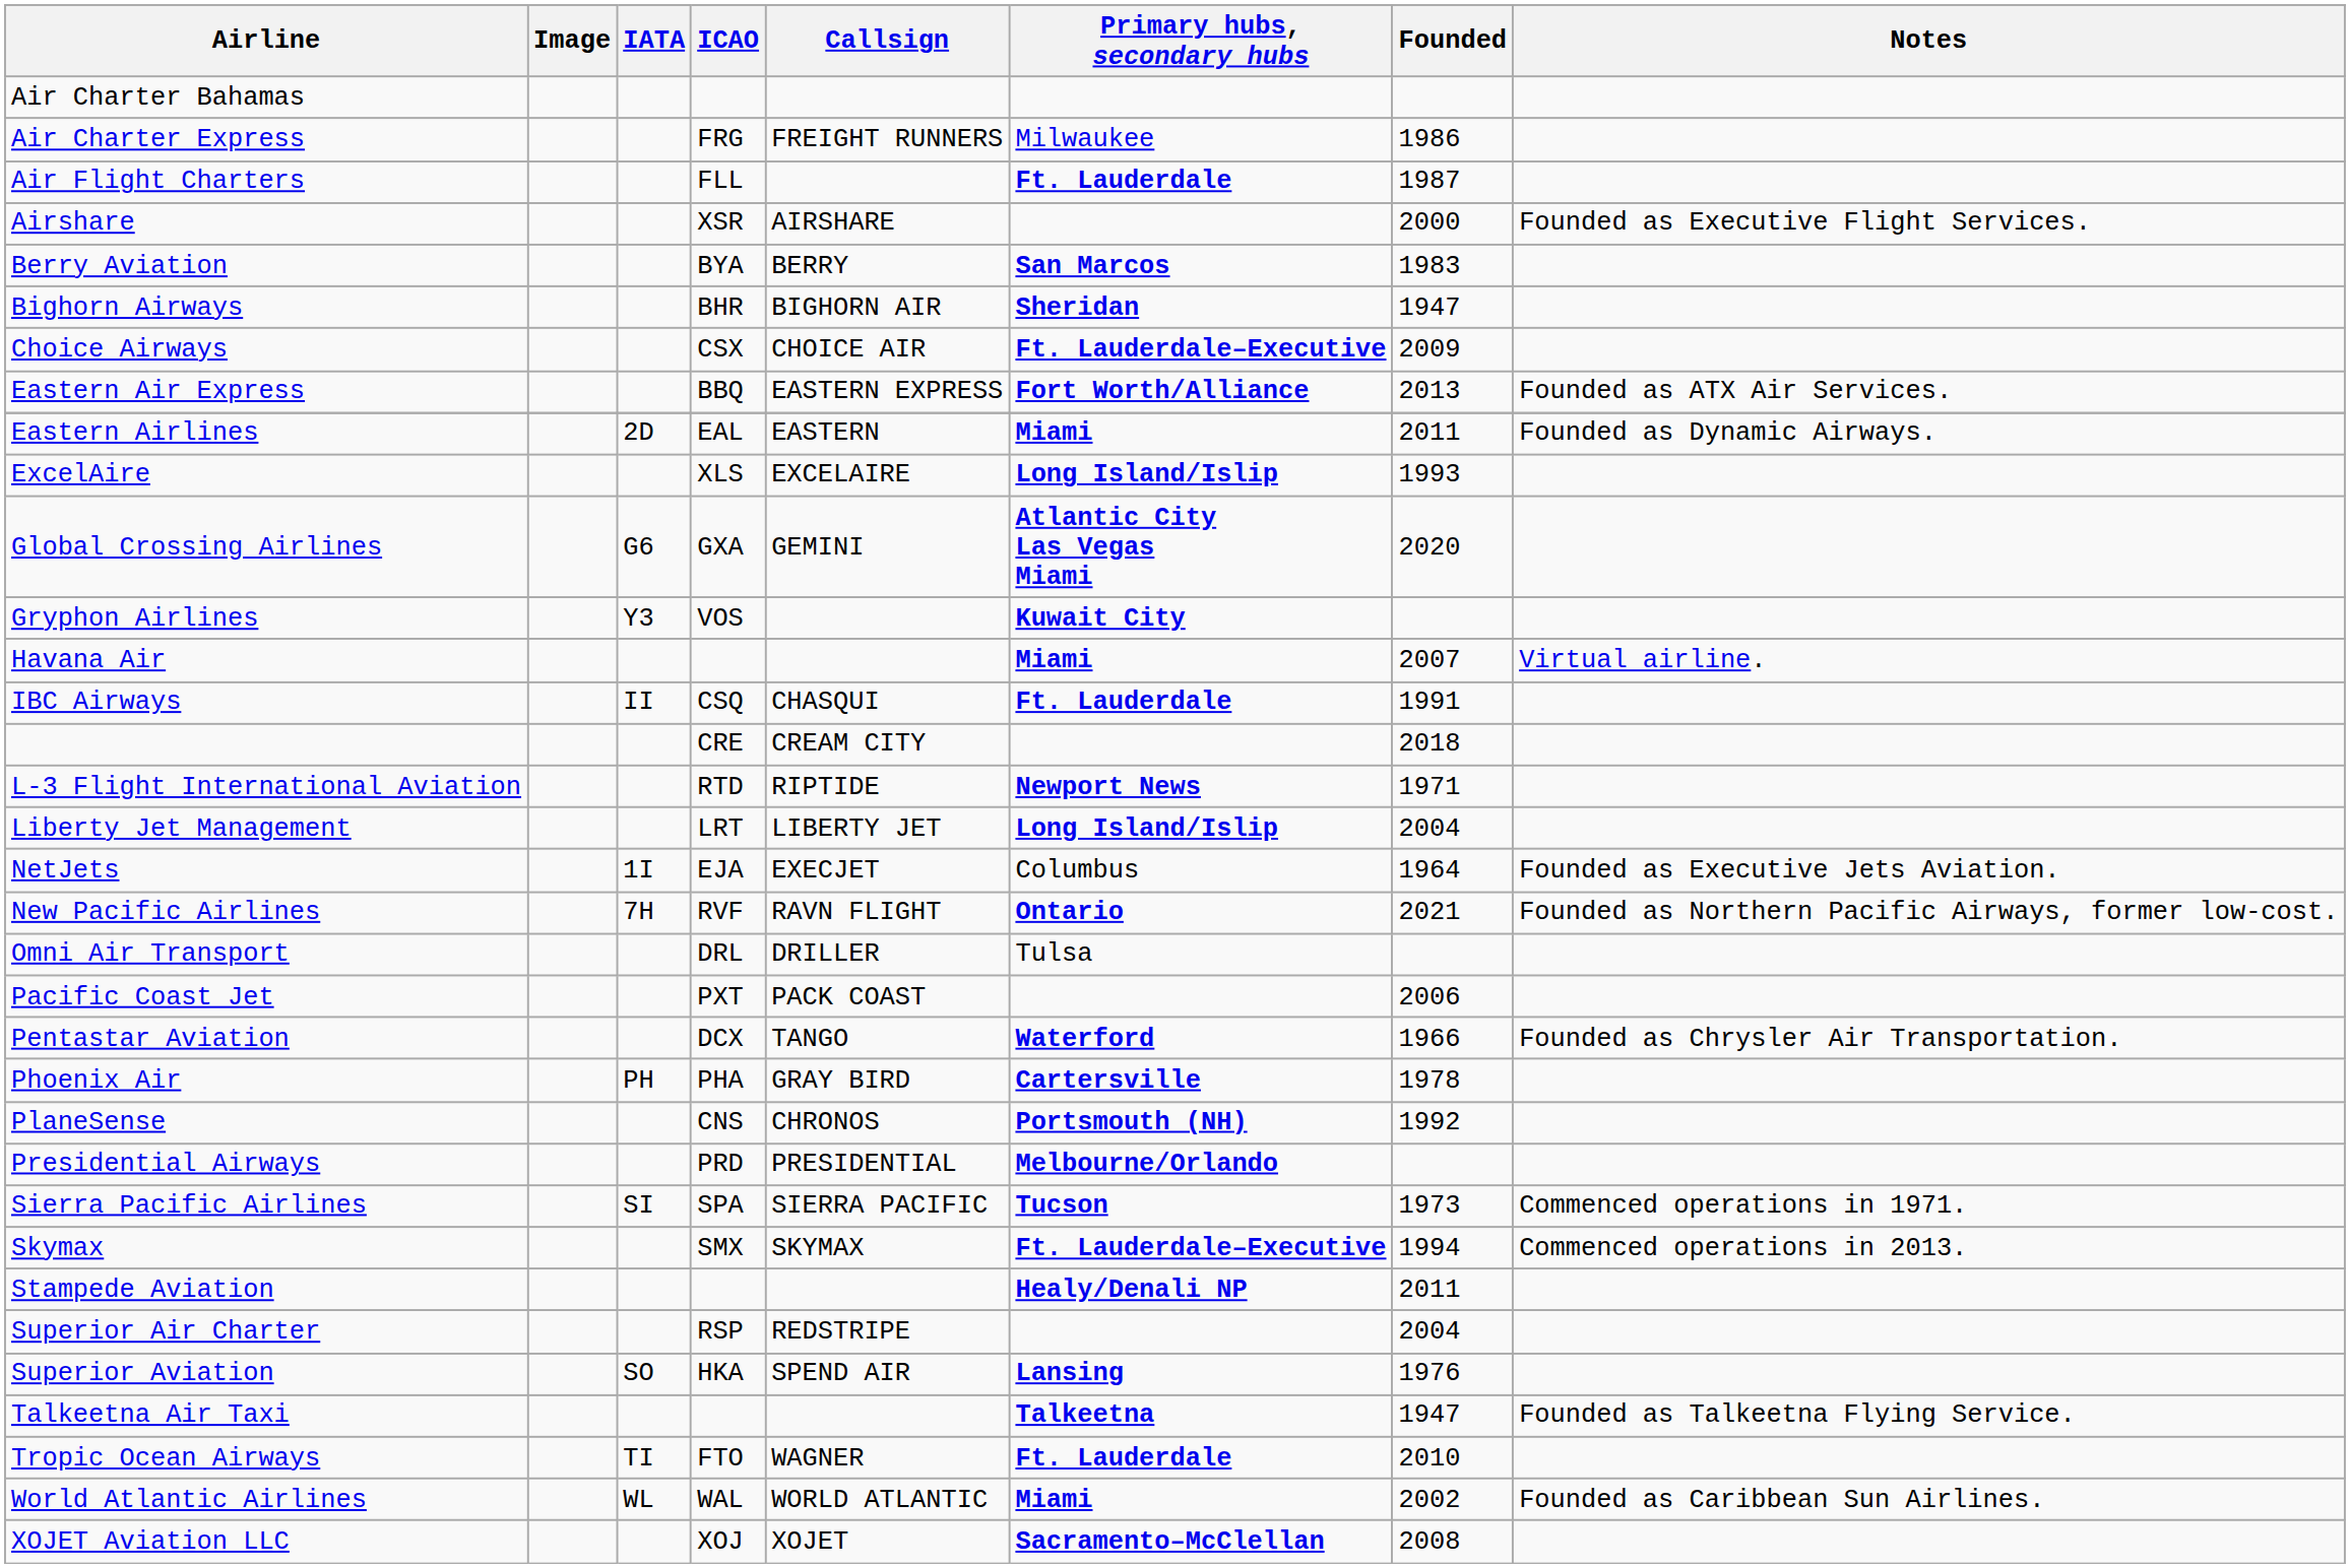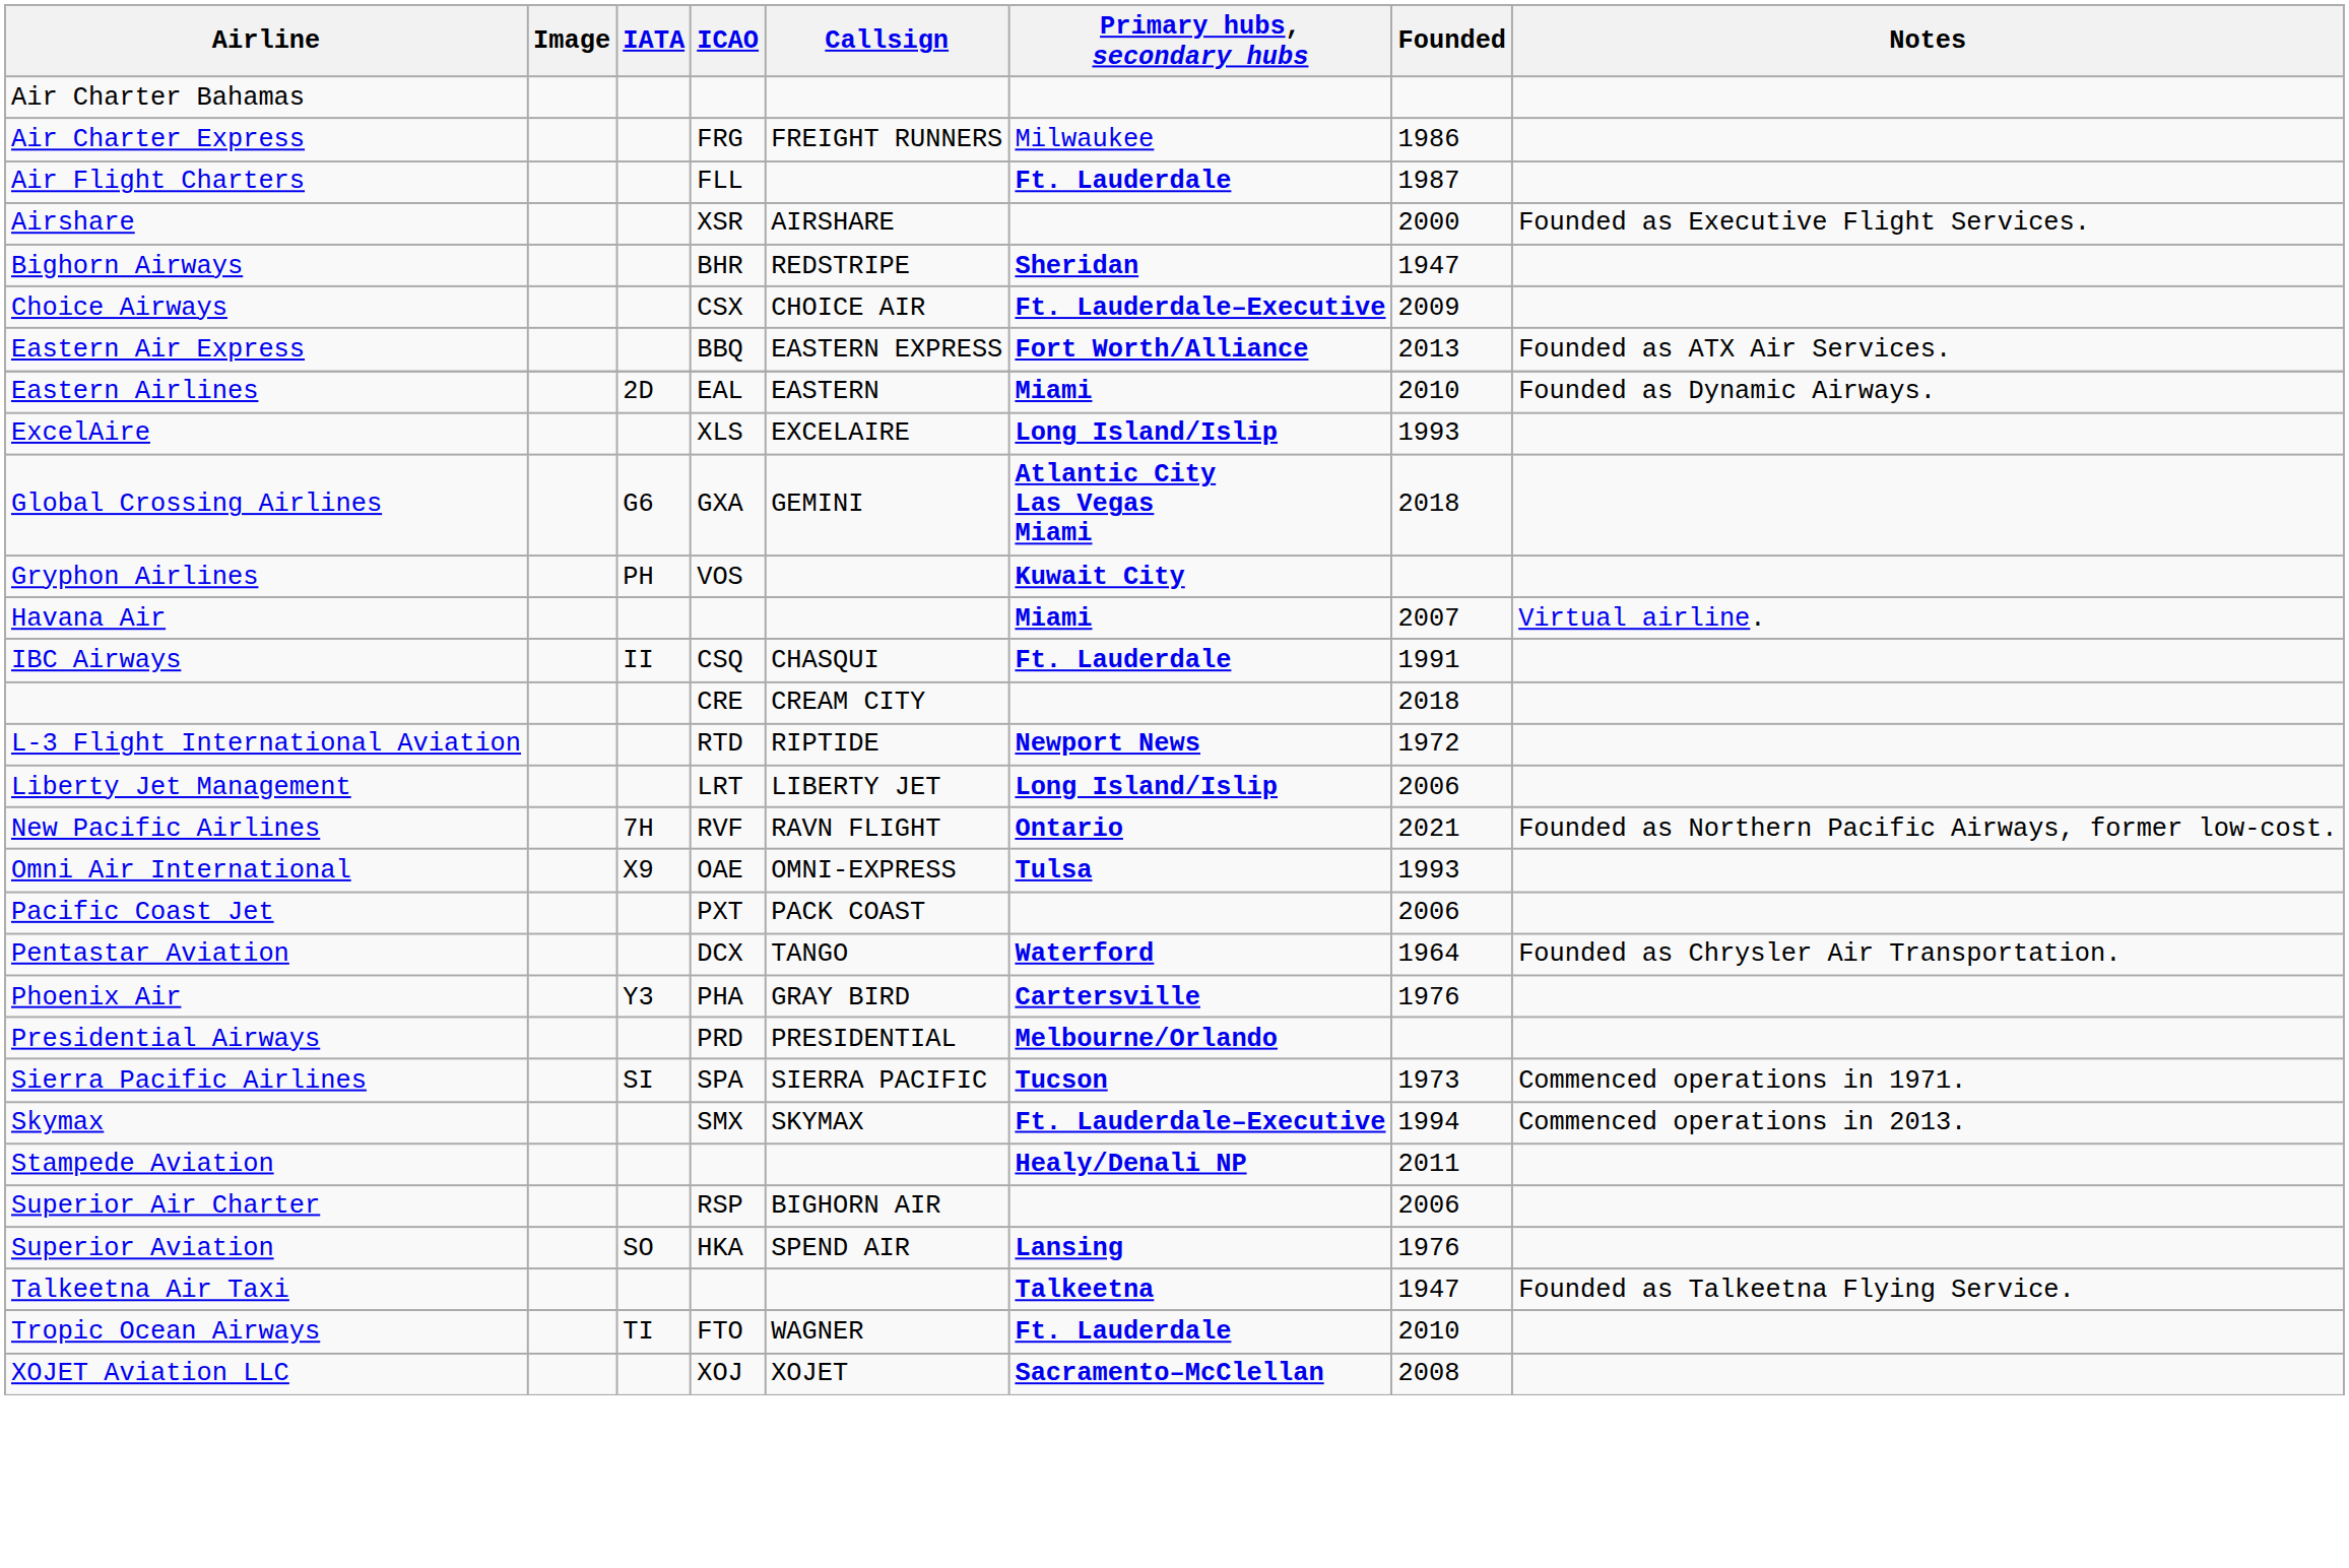 <table class="wikitable sortable" style="border: 0; cellpadding: 2; cellspacing: 3;">
 <tr style="vertical-align:middle;">
 <th>Airline</th>
 <th>Image</th>
 <th><a href='#'>IATA</a></th>
 <th><a href='#'>ICAO</a></th>
 <th><a href='#'>Callsign</a></th>
 <th><a href='#'>Primary hubs</a>, <br> <em><a href='#'>secondary hubs</a></em></th>
 <th>Founded</th>
 <th>Notes</th>
 </tr>
 <tr>
 <td>Air Charter Bahamas</td>
 <td></td>
 <td></td>
 <td></td>
 <td></td>
 <td></td>
 <td></td>
 <td></td>
 </tr>
 <tr>
 <td><a href='#'>Air Charter Express</a></td>
 <td></td>
 <td></td>
 <td>FRG</td>
 <td>FREIGHT RUNNERS</td>
 <td><a href='#'>Milwaukee</a></td>
 <td>1986</td>
 <td></td>
 </tr>
 <tr>
 <td><a href='#'>Air Flight Charters</a></td>
 <td></td>
 <td></td>
 <td>FLL</td>
 <td></td>
 <td><strong><a href='#'>Ft. Lauderdale</a></strong></td>
 <td>1987</td>
 <td></td>
 </tr>
 <tr>
 <td><a href='#'>Airshare</a></td>
 <td></td>
 <td></td>
 <td>XSR</td>
 <td>AIRSHARE</td>
 <td></td>
 <td>2000</td>
 <td>Founded as Executive Flight Services.</td>
 </tr>
 <tr>
-<td><a href='#'>Berry Aviation</a></td>
-<td></td>
-<td></td>
-<td>BYA</td>
-<td>BERRY</td>
-<td><strong><a href='#'>San Marcos</a></strong></td>
-<td>1983</td>
-<td></td>
-</tr>
-<tr>
 <td><a href='#'>Bighorn Airways</a></td>
 <td></td>
 <td></td>
 <td>BHR</td>
-<td>BIGHORN AIR</td>
+<td>REDSTRIPE</td>
 <td><strong><a href='#'>Sheridan</a></strong></td>
 <td>1947</td>
 <td></td>
 </tr>
 <tr>
 <td><a href='#'>Choice Airways</a></td>
 <td></td>
 <td></td>
 <td>CSX</td>
 <td>CHOICE AIR</td>
 <td><strong><a href='#'>Ft. Lauderdale–Executive</a></strong></td>
 <td>2009</td>
 <td></td>
 </tr>
 <tr>
 <td><a href='#'>Eastern Air Express</a></td>
 <td></td>
 <td></td>
 <td>BBQ</td>
 <td>EASTERN EXPRESS</td>
 <td><strong><a href='#'>Fort Worth/Alliance</a></strong></td>
 <td>2013</td>
 <td>Founded as ATX Air Services.</td>
 </tr>
 <tr>
 </tr>
 <tr>
 <td><a href='#'>Eastern Airlines</a></td>
 <td></td>
 <td>2D</td>
 <td>EAL</td>
 <td>EASTERN</td>
 <td><strong><a href='#'>Miami</a></strong></td>
-<td>2011</td>
+<td>2010</td>
 <td>Founded as Dynamic Airways.</td>
 </tr>
 <tr>
 <td><a href='#'>ExcelAire</a></td>
 <td></td>
 <td></td>
 <td>XLS</td>
 <td>EXCELAIRE</td>
 <td><strong><a href='#'>Long Island/Islip</a></strong></td>
 <td>1993</td>
 <td></td>
 </tr>
 <tr>
 <td><a href='#'>Global Crossing Airlines</a></td>
 <td></td>
 <td>G6</td>
 <td>GXA</td>
 <td>GEMINI</td>
 <td><strong><a href='#'>Atlantic City</a></strong><br><strong><a href='#'>Las Vegas</a></strong><br><strong><a href='#'>Miami</a></strong></td>
-<td>2020</td>
+<td>2018</td>
 <td></td>
 </tr>
 <tr>
 <td><a href='#'>Gryphon Airlines</a></td>
 <td></td>
-<td>Y3</td>
+<td>PH</td>
 <td>VOS</td>
 <td></td>
 <td><strong><a href='#'>Kuwait City</a></strong></td>
 <td></td>
 <td></td>
 </tr>
 <tr>
 <td><a href='#'>Havana Air</a></td>
 <td></td>
 <td></td>
 <td></td>
 <td></td>
 <td><strong><a href='#'>Miami</a></strong></td>
 <td>2007</td>
 <td><a href='#'>Virtual airline</a>.</td>
 </tr>
 <tr>
 <td><a href='#'>IBC Airways</a></td>
 <td></td>
 <td>II</td>
 <td>CSQ</td>
 <td>CHASQUI</td>
 <td><strong><a href='#'>Ft. Lauderdale</a></strong></td>
 <td>1991</td>
 <td></td>
 </tr>
 <tr>
 <td></td>
 <td></td>
 <td></td>
 <td>CRE</td>
 <td>CREAM CITY</td>
 <td><br></td>
 <td>2018</td>
 <td></td>
 </tr>
 <tr>
 <td><a href='#'>L-3 Flight International Aviation</a></td>
 <td></td>
 <td></td>
 <td>RTD</td>
 <td>RIPTIDE</td>
 <td><strong><a href='#'>Newport News</a></strong></td>
-<td>1971</td>
+<td>1972</td>
 <td></td>
 </tr>
 <tr>
 <td><a href='#'>Liberty Jet Management</a></td>
 <td></td>
 <td></td>
 <td>LRT</td>
 <td>LIBERTY JET</td>
 <td><strong><a href='#'>Long Island/Islip</a></strong></td>
-<td>2004</td>
+<td>2006</td>
 <td></td>
-</tr>
-<tr>
-<td><a href='#'>NetJets</a></td>
-<td></td>
-<td>1I</td>
-<td>EJA</td>
-<td>EXECJET</td>
-<td>Columbus</td>
-<td>1964</td>
-<td>Founded as Executive Jets Aviation.</td>
 </tr>
 <tr>
 <td><a href='#'>New Pacific Airlines</a></td>
 <td></td>
 <td>7H</td>
 <td>RVF</td>
 <td>RAVN FLIGHT</td>
 <td><strong><a href='#'>Ontario</a></strong></td>
 <td>2021</td>
 <td>Founded as Northern Pacific Airways, former low-cost.</td>
 </tr>
 <tr>
-<td><a href='#'>Omni Air Transport</a></td>
+<td><a href='#'>Omni Air International</a></td>
 <td></td>
-<td></td>
-<td>DRL</td>
-<td>DRILLER</td>
-<td>Tulsa</td>
-<td></td>
+<td>X9</td>
+<td>OAE</td>
+<td>OMNI-EXPRESS</td>
+<td><strong><a href='#'>Tulsa</a></strong></td>
+<td>1993</td>
 <td></td>
 </tr>
 <tr>
 <td><a href='#'>Pacific Coast Jet</a></td>
 <td></td>
 <td></td>
 <td>PXT</td>
 <td>PACK COAST</td>
 <td></td>
 <td>2006</td>
 <td></td>
 </tr>
 <tr>
 <td><a href='#'>Pentastar Aviation</a></td>
 <td></td>
 <td></td>
 <td>DCX</td>
 <td>TANGO</td>
 <td><strong><a href='#'>Waterford</a></strong></td>
-<td>1966</td>
+<td>1964</td>
 <td>Founded as Chrysler Air Transportation.</td>
 </tr>
 <tr>
 <td><a href='#'>Phoenix Air</a></td>
 <td></td>
-<td>PH</td>
+<td>Y3</td>
 <td>PHA</td>
 <td>GRAY BIRD</td>
 <td><strong><a href='#'>Cartersville</a></strong></td>
-<td>1978</td>
-<td></td>
-</tr>
-<tr>
-<td><a href='#'>PlaneSense</a></td>
-<td></td>
-<td></td>
-<td>CNS</td>
-<td>CHRONOS</td>
-<td><strong><a href='#'>Portsmouth (NH)</a></strong></td>
-<td>1992</td>
+<td>1976</td>
 <td></td>
 </tr>
 <tr>
 <td><a href='#'>Presidential Airways</a></td>
 <td></td>
 <td></td>
 <td>PRD</td>
 <td>PRESIDENTIAL</td>
 <td><strong><a href='#'>Melbourne/Orlando</a></strong></td>
 <td></td>
 <td></td>
 </tr>
 <tr>
 <td><a href='#'>Sierra Pacific Airlines</a></td>
 <td></td>
 <td>SI</td>
 <td>SPA</td>
 <td>SIERRA PACIFIC</td>
 <td><strong><a href='#'>Tucson</a></strong></td>
 <td>1973</td>
 <td>Commenced operations in 1971.</td>
 </tr>
 <tr>
 <td><a href='#'>Skymax</a></td>
 <td></td>
 <td></td>
 <td>SMX</td>
 <td>SKYMAX</td>
 <td><strong><a href='#'>Ft. Lauderdale–Executive</a></strong></td>
 <td>1994</td>
 <td>Commenced operations in 2013.</td>
 </tr>
 <tr>
 <td><a href='#'>Stampede Aviation</a></td>
 <td></td>
 <td></td>
 <td></td>
 <td></td>
 <td><a href='#'><strong>Healy/Denali NP</strong></a></td>
 <td>2011</td>
 <td></td>
 </tr>
 <tr>
 <td><a href='#'>Superior Air Charter</a></td>
 <td></td>
 <td></td>
 <td>RSP</td>
-<td>REDSTRIPE</td>
+<td>BIGHORN AIR</td>
 <td></td>
-<td>2004</td>
+<td>2006</td>
 <td></td>
 </tr>
 <tr>
 <td><a href='#'>Superior Aviation</a></td>
 <td></td>
 <td>SO</td>
 <td>HKA</td>
 <td>SPEND AIR</td>
 <td><strong><a href='#'>Lansing</a></strong></td>
 <td>1976</td>
 <td></td>
 </tr>
 <tr>
 <td><a href='#'>Talkeetna Air Taxi</a></td>
 <td></td>
 <td></td>
 <td></td>
 <td></td>
 <td><strong><a href='#'>Talkeetna</a></strong></td>
 <td>1947</td>
 <td>Founded as Talkeetna Flying Service.</td>
 </tr>
 <tr>
 <td><a href='#'>Tropic Ocean Airways</a></td>
 <td></td>
 <td>TI</td>
 <td>FTO</td>
 <td>WAGNER</td>
 <td><strong><a href='#'>Ft. Lauderdale</a></strong></td>
 <td>2010</td>
 <td></td>
 </tr>
 <tr>
-<td><a href='#'>World Atlantic Airlines</a></td>
-<td></td>
-<td>WL</td>
-<td>WAL</td>
-<td>WORLD ATLANTIC</td>
-<td><strong><a href='#'>Miami</a></strong></td>
-<td>2002</td>
-<td>Founded as Caribbean Sun Airlines.</td>
-</tr>
-<tr>
 <td><a href='#'>XOJET Aviation LLC</a></td>
 <td></td>
 <td></td>
 <td>XOJ</td>
 <td>XOJET</td>
 <td><strong><a href='#'>Sacramento–McClellan</a></strong></td>
 <td>2008</td>
 <td></td>
 </tr>
 </table>
